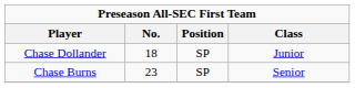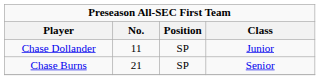 <table class="wikitable" style="text-align:center">
 <tr>
 <td colspan="5"><strong>Preseason All-SEC First Team</strong></td>
 </tr>
 <tr>
 <th style="width:150px; ">Player</th>
 <th style="width:60px; ">No.</th>
 <th style="width:60px; ">Position</th>
 <th style="width:150px; ">Class</th>
 </tr>
 <tr>
 <td><a href='#'>Chase Dollander</a></td>
-<td>18</td>
+<td>11</td>
 <td>SP</td>
 <td><a href='#'>Junior</a></td>
 </tr>
 <tr>
 <td><a href='#'>Chase Burns</a></td>
-<td>23</td>
+<td>21</td>
 <td>SP</td>
 <td><a href='#'>Senior</a></td>
 </tr>
 <tr>
 </tr>
 </table>
